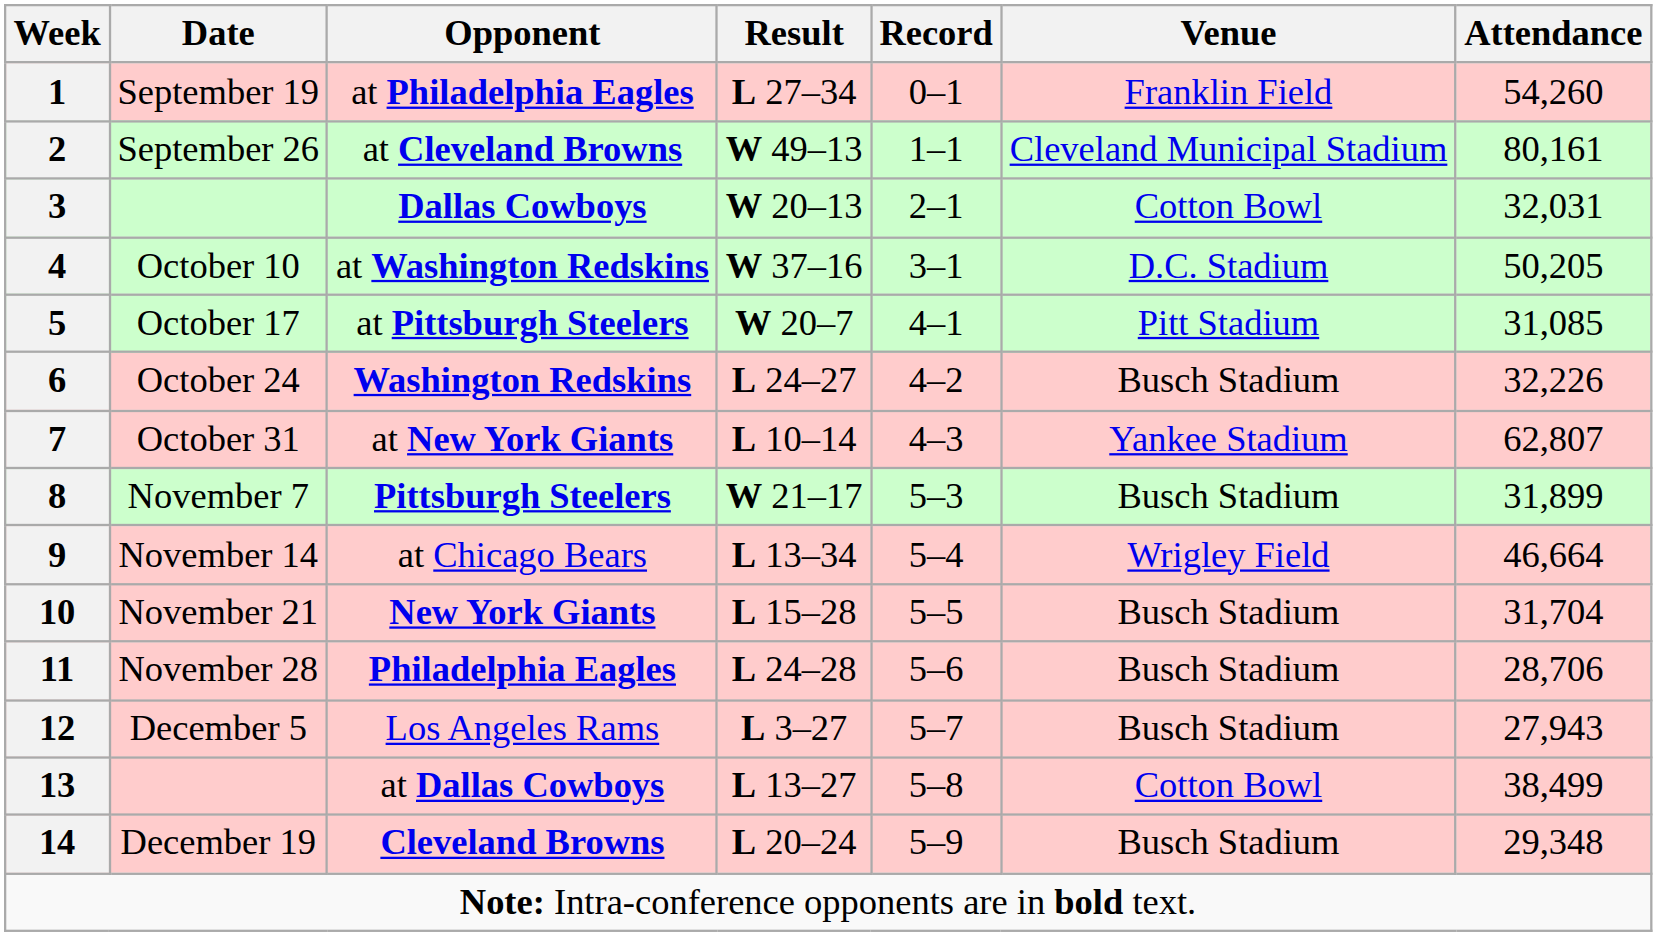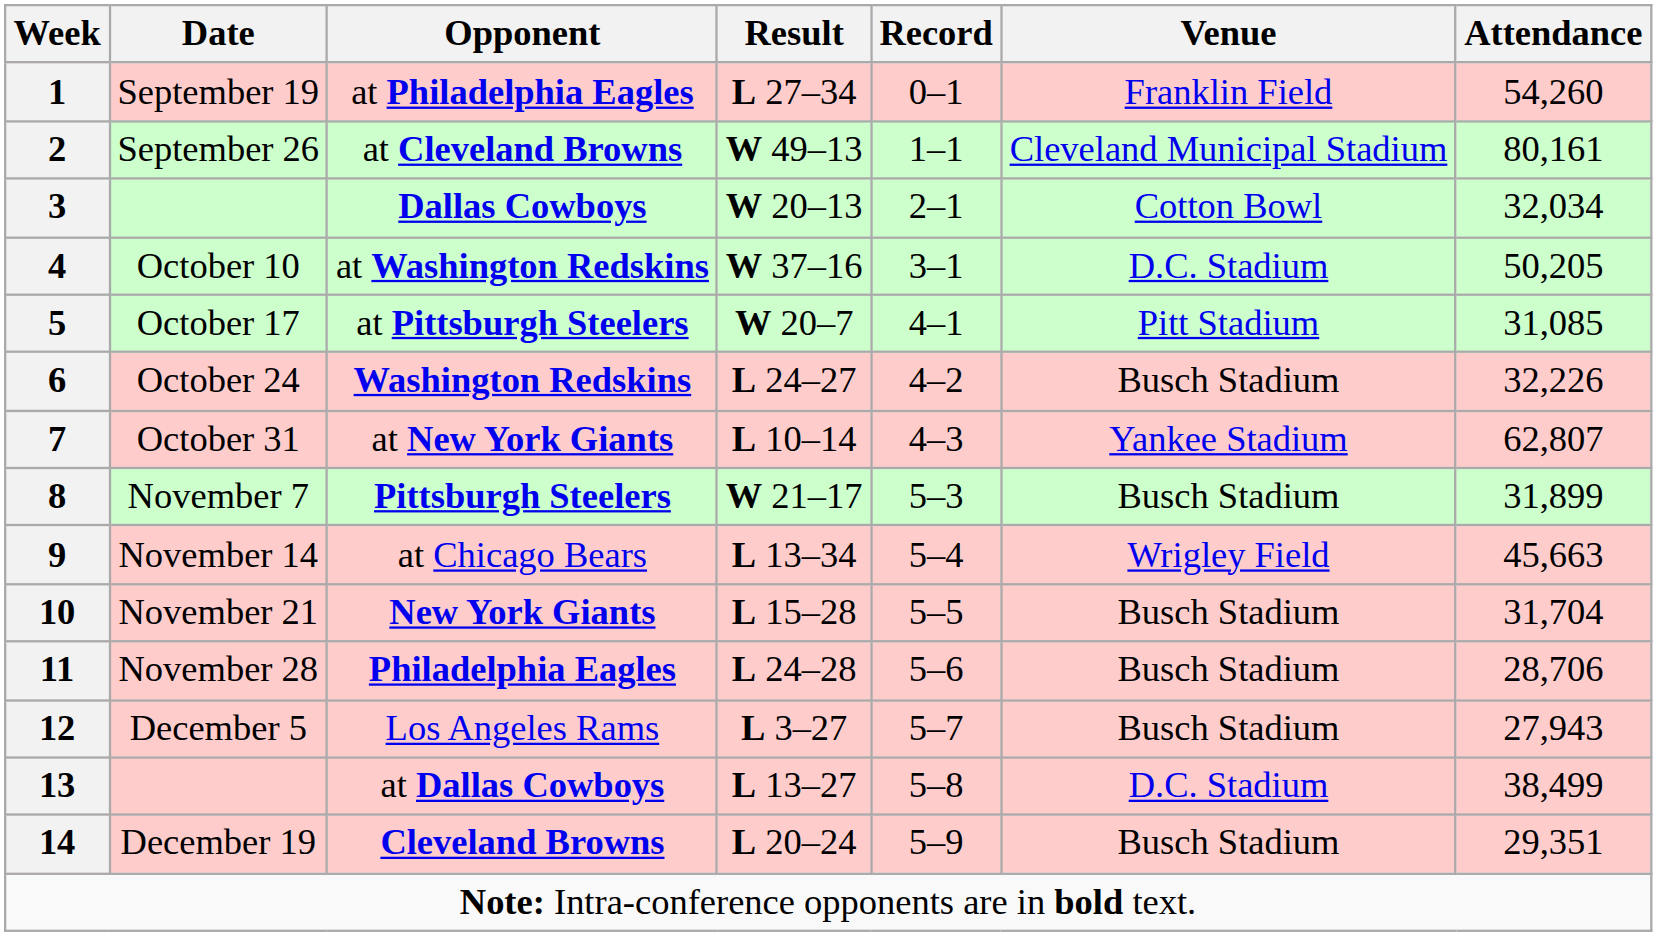 <table class="wikitable" style="text-align:center">
 <tr>
 <th>Week</th>
 <th>Date</th>
 <th>Opponent</th>
 <th>Result</th>
 <th>Record</th>
 <th>Venue</th>
 <th>Attendance</th>
 </tr>
 <tr style="background:#fcc">
 <th>1</th>
 <td>September 19</td>
 <td>at <strong><a href='#'>Philadelphia Eagles</a></strong></td>
 <td><strong>L</strong> 27–34</td>
 <td>0–1</td>
 <td><a href='#'>Franklin Field</a></td>
 <td>54,260</td>
 </tr>
 <tr style="background:#cfc">
 <th>2</th>
 <td>September 26</td>
 <td>at <strong><a href='#'>Cleveland Browns</a></strong></td>
 <td><strong>W</strong> 49–13</td>
 <td>1–1</td>
 <td><a href='#'>Cleveland Municipal Stadium</a></td>
 <td>80,161</td>
 </tr>
 <tr style="background:#cfc">
 <th>3</th>
 <td></td>
 <td><strong><a href='#'>Dallas Cowboys</a></strong></td>
 <td><strong>W</strong> 20–13</td>
 <td>2–1</td>
 <td><a href='#'>Cotton Bowl</a></td>
-<td>32,031</td>
+<td>32,034</td>
 </tr>
 <tr style="background:#cfc">
 <th>4</th>
 <td>October 10</td>
 <td>at <strong><a href='#'>Washington Redskins</a></strong></td>
 <td><strong>W</strong> 37–16</td>
 <td>3–1</td>
 <td><a href='#'>D.C. Stadium</a></td>
 <td>50,205</td>
 </tr>
 <tr style="background:#cfc">
 <th>5</th>
 <td>October 17</td>
 <td>at <strong><a href='#'>Pittsburgh Steelers</a></strong></td>
 <td><strong>W</strong> 20–7</td>
 <td>4–1</td>
 <td><a href='#'>Pitt Stadium</a></td>
 <td>31,085</td>
 </tr>
 <tr style="background:#fcc">
 <th>6</th>
 <td>October 24</td>
 <td><strong><a href='#'>Washington Redskins</a></strong></td>
 <td><strong>L</strong> 24–27</td>
 <td>4–2</td>
 <td>Busch Stadium</td>
 <td>32,226</td>
 </tr>
 <tr style="background:#fcc">
 <th>7</th>
 <td>October 31</td>
 <td>at <strong><a href='#'>New York Giants</a></strong></td>
 <td><strong>L</strong> 10–14</td>
 <td>4–3</td>
 <td><a href='#'>Yankee Stadium</a></td>
 <td>62,807</td>
 </tr>
 <tr style="background:#cfc">
 <th>8</th>
 <td>November 7</td>
 <td><strong><a href='#'>Pittsburgh Steelers</a></strong></td>
 <td><strong>W</strong> 21–17</td>
 <td>5–3</td>
 <td>Busch Stadium</td>
 <td>31,899</td>
 </tr>
 <tr style="background:#fcc">
 <th>9</th>
 <td>November 14</td>
 <td>at <a href='#'>Chicago Bears</a></td>
 <td><strong>L</strong> 13–34</td>
 <td>5–4</td>
 <td><a href='#'>Wrigley Field</a></td>
-<td>46,664</td>
+<td>45,663</td>
 </tr>
 <tr style="background:#fcc">
 <th>10</th>
 <td>November 21</td>
 <td><strong><a href='#'>New York Giants</a></strong></td>
 <td><strong>L</strong> 15–28</td>
 <td>5–5</td>
 <td>Busch Stadium</td>
 <td>31,704</td>
 </tr>
 <tr style="background:#fcc">
 <th>11</th>
 <td>November 28</td>
 <td><strong><a href='#'>Philadelphia Eagles</a></strong></td>
 <td><strong>L</strong> 24–28</td>
 <td>5–6</td>
 <td>Busch Stadium</td>
 <td>28,706</td>
 </tr>
 <tr style="background:#fcc">
 <th>12</th>
 <td>December 5</td>
 <td><a href='#'>Los Angeles Rams</a></td>
 <td><strong>L</strong> 3–27</td>
 <td>5–7</td>
 <td>Busch Stadium</td>
 <td>27,943</td>
 </tr>
 <tr style="background:#fcc">
 <th>13</th>
 <td></td>
 <td>at <strong><a href='#'>Dallas Cowboys</a></strong></td>
 <td><strong>L</strong> 13–27</td>
 <td>5–8</td>
-<td><a href='#'>Cotton Bowl</a></td>
+<td><a href='#'>D.C. Stadium</a></td>
 <td>38,499</td>
 </tr>
 <tr style="background:#fcc">
 <th>14</th>
 <td>December 19</td>
 <td><strong><a href='#'>Cleveland Browns</a></strong></td>
 <td><strong>L</strong> 20–24</td>
 <td>5–9</td>
 <td>Busch Stadium</td>
-<td>29,348</td>
+<td>29,351</td>
 </tr>
 <tr>
 <td colspan="8"><strong>Note:</strong> Intra-conference opponents are in <strong>bold</strong> text.</td>
 </tr>
 </table>
